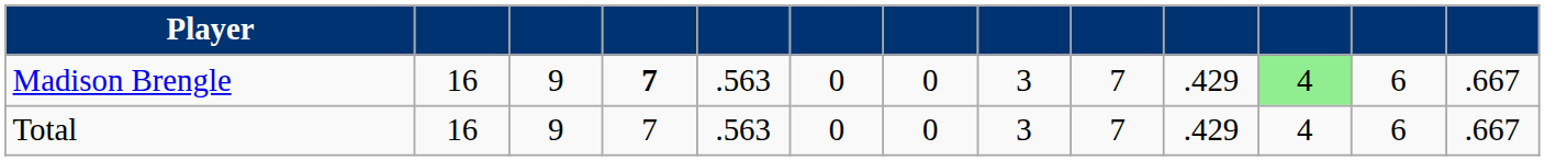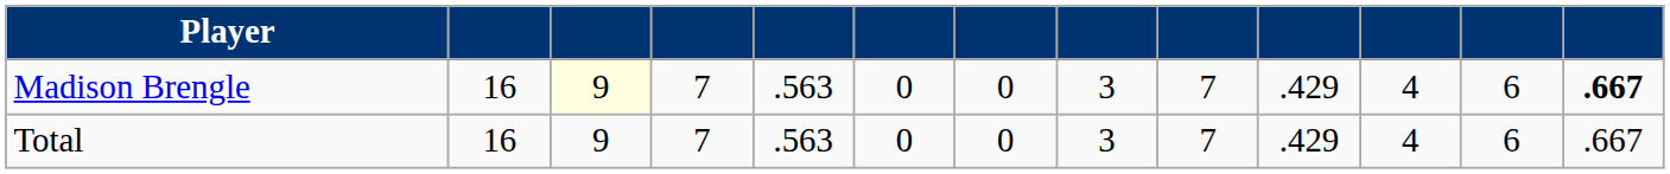 <table class="wikitable" style="text-align:center">
 <tr>
 <th style="background:#003372; color:#fff" width="200px">Player</th>
 <th style="background:#003372; color:#fff" width="40px"></th>
 <th style="background:#003372; color:#fff" width="40px"></th>
 <th style="background:#003372; color:#fff" width="40px"></th>
 <th style="background:#003372; color:#fff" width="40px"></th>
 <th style="background:#003372; color:#fff" width="40px"></th>
 <th style="background:#003372; color:#fff" width="40px"></th>
 <th style="background:#003372; color:#fff" width="40px"></th>
 <th style="background:#003372; color:#fff" width="40px"></th>
 <th style="background:#003372; color:#fff" width="40px"></th>
 <th style="background:#003372; color:#fff" width="40px"></th>
 <th style="background:#003372; color:#fff" width="40px"></th>
 <th style="background:#003372; color:#fff" width="40px"></th>
 </tr>
 <tr>
 <td style="text-align:left"><a href='#'>Madison Brengle</a></td>
 <td>16</td>
-<td>9</td>
-<td><strong>7</strong></td>
+<td style="background: lightyellow;">9</td>
+<td>7</td>
 <td>.563</td>
 <td>0</td>
 <td>0</td>
 <td>3</td>
 <td>7</td>
 <td>.429</td>
-<td style="background: lightgreen;">4</td>
+<td>4</td>
 <td>6</td>
-<td>.667</td>
+<td><strong>.667</strong></td>
 </tr>
 <tr>
 <td style="text-align:left">Total</td>
 <td>16</td>
 <td>9</td>
 <td>7</td>
 <td>.563</td>
 <td>0</td>
 <td>0</td>
 <td>3</td>
 <td>7</td>
 <td>.429</td>
 <td>4</td>
 <td>6</td>
 <td>.667</td>
 </tr>
 </table>
